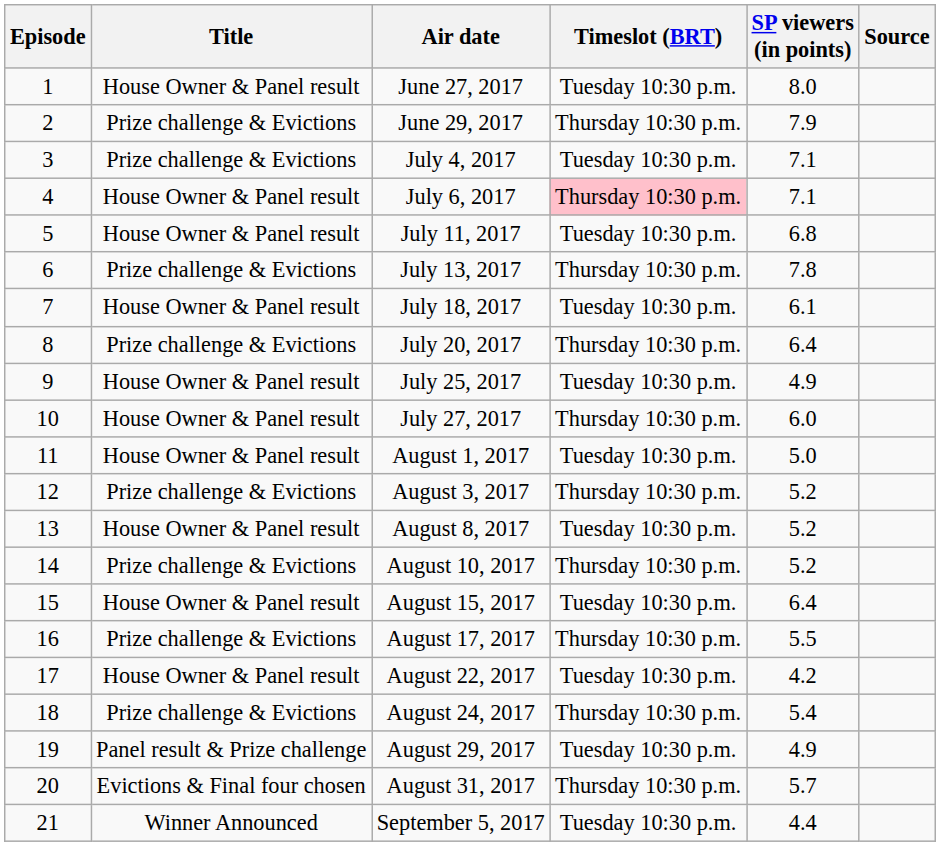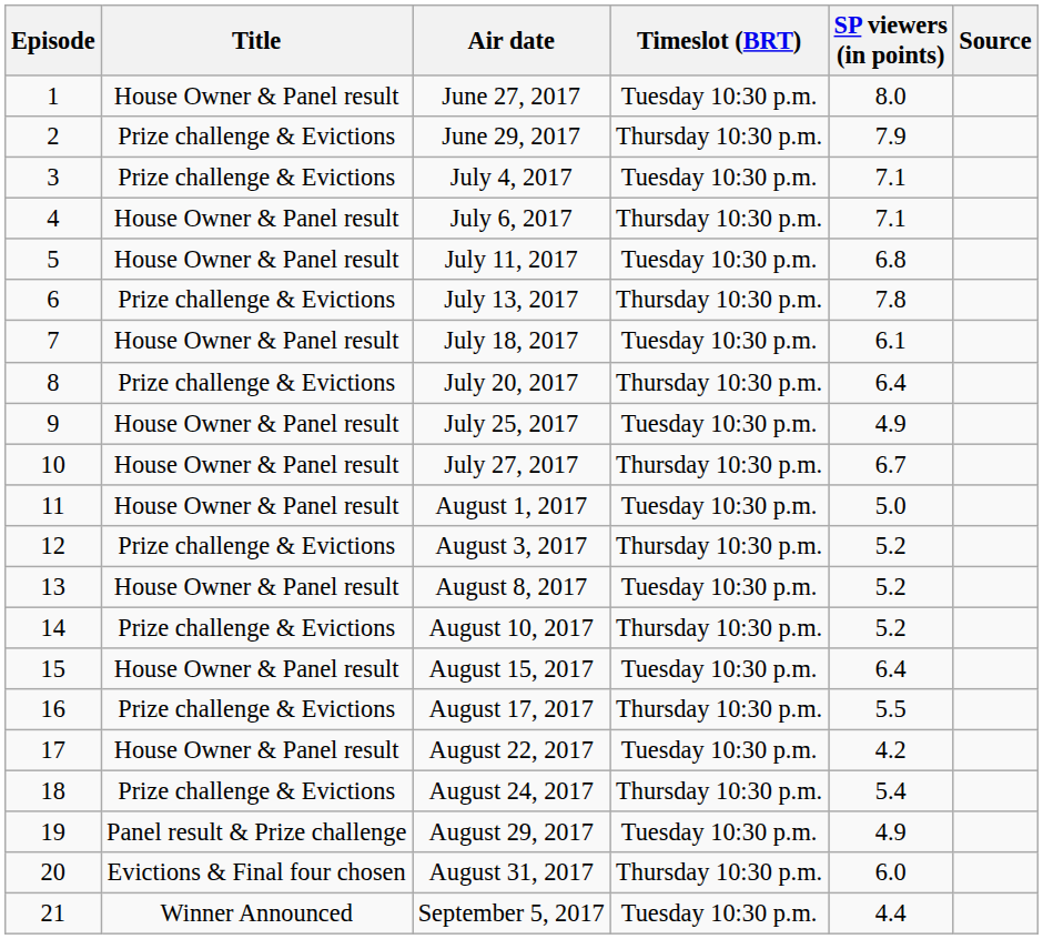 <table class="wikitable sortable" style="text-align:center; font-size:95%;">
 <tr>
 <th>Episode</th>
 <th>Title</th>
 <th>Air date</th>
 <th>Timeslot (<a href='#'>BRT</a>)</th>
 <th><a href='#'>SP</a> viewers<br>(in points)</th>
 <th>Source</th>
 </tr>
 <tr>
 <td>1</td>
 <td>House Owner & Panel result</td>
 <td>June 27, 2017</td>
 <td>Tuesday 10:30 p.m.</td>
 <td>8.0</td>
 <td></td>
 </tr>
 <tr>
 <td>2</td>
 <td>Prize challenge & Evictions</td>
 <td>June 29, 2017</td>
 <td>Thursday 10:30 p.m.</td>
 <td>7.9</td>
 <td></td>
 </tr>
 <tr>
 <td>3</td>
 <td>Prize challenge & Evictions</td>
 <td>July 4, 2017</td>
 <td>Tuesday 10:30 p.m.</td>
 <td>7.1</td>
 <td></td>
 </tr>
 <tr>
 <td>4</td>
 <td>House Owner & Panel result</td>
 <td>July 6, 2017</td>
-<td style="background: pink;">Thursday 10:30 p.m.</td>
+<td>Thursday 10:30 p.m.</td>
 <td>7.1</td>
 <td></td>
 </tr>
 <tr>
 <td>5</td>
 <td>House Owner & Panel result</td>
 <td>July 11, 2017</td>
 <td>Tuesday 10:30 p.m.</td>
 <td>6.8</td>
 <td></td>
 </tr>
 <tr>
 <td>6</td>
 <td>Prize challenge & Evictions</td>
 <td>July 13, 2017</td>
 <td>Thursday 10:30 p.m.</td>
 <td>7.8</td>
 <td></td>
 </tr>
 <tr>
 <td>7</td>
 <td>House Owner & Panel result</td>
 <td>July 18, 2017</td>
 <td>Tuesday 10:30 p.m.</td>
 <td>6.1</td>
 <td></td>
 </tr>
 <tr>
 <td>8</td>
 <td>Prize challenge & Evictions</td>
 <td>July 20, 2017</td>
 <td>Thursday 10:30 p.m.</td>
 <td>6.4</td>
 <td></td>
 </tr>
 <tr>
 <td>9</td>
 <td>House Owner & Panel result</td>
 <td>July 25, 2017</td>
 <td>Tuesday 10:30 p.m.</td>
 <td>4.9</td>
 <td></td>
 </tr>
 <tr>
 <td>10</td>
 <td>House Owner & Panel result</td>
 <td>July 27, 2017</td>
 <td>Thursday 10:30 p.m.</td>
-<td>6.0</td>
+<td>6.7</td>
 <td></td>
 </tr>
 <tr>
 <td>11</td>
 <td>House Owner & Panel result</td>
 <td>August 1, 2017</td>
 <td>Tuesday 10:30 p.m.</td>
 <td>5.0</td>
 <td></td>
 </tr>
 <tr>
 <td>12</td>
 <td>Prize challenge & Evictions</td>
 <td>August 3, 2017</td>
 <td>Thursday 10:30 p.m.</td>
 <td>5.2</td>
 <td></td>
 </tr>
 <tr>
 <td>13</td>
 <td>House Owner & Panel result</td>
 <td>August 8, 2017</td>
 <td>Tuesday 10:30 p.m.</td>
 <td>5.2</td>
 <td></td>
 </tr>
 <tr>
 <td>14</td>
 <td>Prize challenge & Evictions</td>
 <td>August 10, 2017</td>
 <td>Thursday 10:30 p.m.</td>
 <td>5.2</td>
 <td></td>
 </tr>
 <tr>
 <td>15</td>
 <td>House Owner & Panel result</td>
 <td>August 15, 2017</td>
 <td>Tuesday 10:30 p.m.</td>
 <td>6.4</td>
 <td></td>
 </tr>
 <tr>
 <td>16</td>
 <td>Prize challenge & Evictions</td>
 <td>August 17, 2017</td>
 <td>Thursday 10:30 p.m.</td>
 <td>5.5</td>
 <td></td>
 </tr>
 <tr>
 <td>17</td>
 <td>House Owner & Panel result</td>
 <td>August 22, 2017</td>
 <td>Tuesday 10:30 p.m.</td>
 <td>4.2</td>
 <td></td>
 </tr>
 <tr>
 <td>18</td>
 <td>Prize challenge & Evictions</td>
 <td>August 24, 2017</td>
 <td>Thursday 10:30 p.m.</td>
 <td>5.4</td>
 <td></td>
 </tr>
 <tr>
 <td>19</td>
 <td>Panel result & Prize challenge</td>
 <td>August 29, 2017</td>
 <td>Tuesday 10:30 p.m.</td>
 <td>4.9</td>
 <td></td>
 </tr>
 <tr>
 <td>20</td>
 <td>Evictions & Final four chosen</td>
 <td>August 31, 2017</td>
 <td>Thursday 10:30 p.m.</td>
-<td>5.7</td>
+<td>6.0</td>
 <td></td>
 </tr>
 <tr>
 <td>21</td>
 <td>Winner Announced</td>
 <td>September 5, 2017</td>
 <td>Tuesday 10:30 p.m.</td>
 <td>4.4</td>
 <td></td>
 </tr>
 </table>
